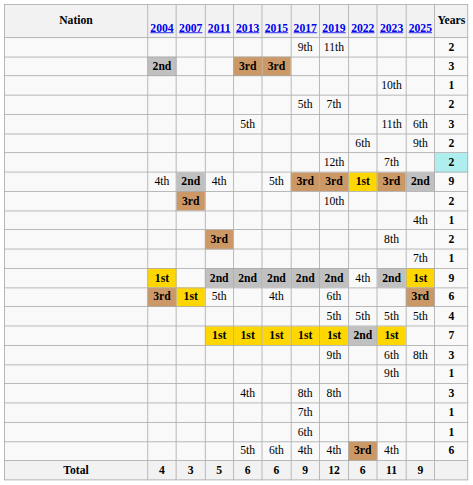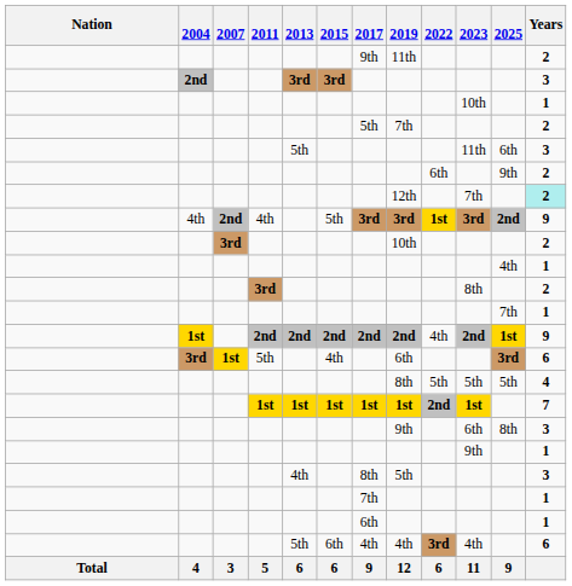 <table class="wikitable" style="text-align:center; font-size:90%">
 <tr>
 <th width=170>Nation</th>
 <th><br><a href='#'>2004</a></th>
 <th><br><a href='#'>2007</a></th>
 <th><br><a href='#'>2011</a></th>
 <th><br><a href='#'>2013</a></th>
 <th><br><a href='#'>2015</a></th>
 <th><br><a href='#'>2017</a></th>
 <th><br><a href='#'>2019</a></th>
 <th><br><a href='#'>2022</a></th>
 <th><br><a href='#'>2023</a></th>
 <th><br><a href='#'>2025</a></th>
 <th>Years</th>
 </tr>
 <tr>
 <td align=left></td>
 <td></td>
 <td></td>
 <td></td>
 <td></td>
 <td></td>
 <td>9th</td>
 <td>11th</td>
 <td></td>
 <td></td>
 <td></td>
 <td><strong>2</strong></td>
 </tr>
 <tr>
 <td align=left></td>
 <td bgcolor=silver><strong>2nd</strong></td>
 <td></td>
 <td></td>
 <td bgcolor=#cc9966><strong>3rd</strong></td>
 <td bgcolor=#cc9966><strong>3rd</strong></td>
 <td></td>
 <td></td>
 <td></td>
 <td></td>
 <td></td>
 <td><strong>3</strong></td>
 </tr>
 <tr>
 <td align=left></td>
 <td></td>
 <td></td>
 <td></td>
 <td></td>
 <td></td>
 <td></td>
 <td></td>
 <td></td>
 <td>10th</td>
 <td></td>
 <td><strong>1</strong></td>
 </tr>
 <tr>
 <td align=left></td>
 <td></td>
 <td></td>
 <td></td>
 <td></td>
 <td></td>
 <td>5th</td>
 <td>7th</td>
 <td></td>
 <td></td>
 <td></td>
 <td><strong>2</strong></td>
 </tr>
 <tr>
 <td align=left></td>
 <td></td>
 <td></td>
 <td></td>
 <td>5th</td>
 <td></td>
 <td></td>
 <td></td>
 <td></td>
 <td>11th</td>
 <td>6th</td>
 <td><strong>3</strong></td>
 </tr>
 <tr>
 <td align=left></td>
 <td></td>
 <td></td>
 <td></td>
 <td></td>
 <td></td>
 <td></td>
 <td></td>
 <td>6th</td>
 <td></td>
 <td>9th</td>
 <td><strong>2</strong></td>
 </tr>
 <tr>
 <td align=left></td>
 <td></td>
 <td></td>
 <td></td>
 <td></td>
 <td></td>
 <td></td>
 <td>12th</td>
 <td></td>
 <td>7th</td>
 <td></td>
 <td style="background: paleturquoise;"><strong>2</strong></td>
 </tr>
 <tr>
 <td align=left></td>
 <td>4th</td>
 <td bgcolor=silver><strong>2nd</strong></td>
 <td>4th</td>
 <td></td>
 <td>5th</td>
 <td bgcolor=#cc9966><strong>3rd</strong></td>
 <td bgcolor=#cc9966><strong>3rd</strong></td>
 <td bgcolor=gold><strong>1st</strong></td>
 <td bgcolor=#cc9966><strong>3rd</strong></td>
 <td bgcolor=silver><strong>2nd</strong></td>
 <td><strong>9</strong></td>
 </tr>
 <tr>
 <td align=left></td>
 <td></td>
 <td bgcolor=#cc9966><strong>3rd</strong></td>
 <td></td>
 <td></td>
 <td></td>
 <td></td>
 <td>10th</td>
 <td></td>
 <td></td>
 <td></td>
 <td><strong>2</strong></td>
 </tr>
 <tr>
 <td align=left></td>
 <td></td>
 <td></td>
 <td></td>
 <td></td>
 <td></td>
 <td></td>
 <td></td>
 <td></td>
 <td></td>
 <td>4th</td>
 <td><strong>1</strong></td>
 </tr>
 <tr>
 <td align=left></td>
 <td></td>
 <td></td>
 <td bgcolor=#cc9966><strong>3rd</strong></td>
 <td></td>
 <td></td>
 <td></td>
 <td></td>
 <td></td>
 <td>8th</td>
 <td></td>
 <td><strong>2</strong></td>
 </tr>
 <tr>
 <td align=left></td>
 <td></td>
 <td></td>
 <td></td>
 <td></td>
 <td></td>
 <td></td>
 <td></td>
 <td></td>
 <td></td>
 <td>7th</td>
 <td><strong>1</strong></td>
 </tr>
 <tr>
 <td align=left></td>
 <td bgcolor=gold><strong>1st</strong></td>
 <td></td>
 <td bgcolor=silver><strong>2nd</strong></td>
 <td bgcolor=silver><strong>2nd</strong></td>
 <td bgcolor=silver><strong>2nd</strong></td>
 <td bgcolor=silver><strong>2nd</strong></td>
 <td bgcolor=silver><strong>2nd</strong></td>
 <td>4th</td>
 <td bgcolor=silver><strong>2nd</strong></td>
 <td bgcolor=gold><strong>1st</strong></td>
 <td><strong>9</strong></td>
 </tr>
 <tr>
 <td align=left></td>
 <td bgcolor=#cc9966><strong>3rd</strong></td>
 <td bgcolor=gold><strong>1st</strong></td>
 <td>5th</td>
 <td></td>
 <td>4th</td>
 <td></td>
 <td>6th</td>
 <td></td>
 <td></td>
 <td bgcolor=#cc9966><strong>3rd</strong></td>
 <td><strong>6</strong></td>
 </tr>
 <tr>
 <td align=left></td>
 <td></td>
 <td></td>
 <td></td>
 <td></td>
 <td></td>
 <td></td>
-<td>5th</td>
+<td>8th</td>
 <td>5th</td>
 <td>5th</td>
 <td>5th</td>
 <td><strong>4</strong></td>
 </tr>
 <tr>
 <td align=left></td>
 <td></td>
 <td></td>
 <td bgcolor=gold><strong>1st</strong></td>
 <td bgcolor=gold><strong>1st</strong></td>
 <td bgcolor=gold><strong>1st</strong></td>
 <td bgcolor=gold><strong>1st</strong></td>
 <td bgcolor=gold><strong>1st</strong></td>
 <td bgcolor=silver><strong>2nd</strong></td>
 <td bgcolor=gold><strong>1st</strong></td>
 <td></td>
 <td><strong>7</strong></td>
 </tr>
 <tr>
 <td align=left></td>
 <td></td>
 <td></td>
 <td></td>
 <td></td>
 <td></td>
 <td></td>
 <td>9th</td>
 <td></td>
 <td>6th</td>
 <td>8th</td>
 <td><strong>3</strong></td>
 </tr>
 <tr>
 <td align=left></td>
 <td></td>
 <td></td>
 <td></td>
 <td></td>
 <td></td>
 <td></td>
 <td></td>
 <td></td>
 <td>9th</td>
 <td></td>
 <td><strong>1</strong></td>
 </tr>
 <tr>
 <td align=left></td>
 <td></td>
 <td></td>
 <td></td>
 <td>4th</td>
 <td></td>
 <td>8th</td>
-<td>8th</td>
+<td>5th</td>
 <td></td>
 <td></td>
 <td></td>
 <td><strong>3</strong></td>
 </tr>
 <tr>
 <td align=left></td>
 <td></td>
 <td></td>
 <td></td>
 <td></td>
 <td></td>
 <td>7th</td>
 <td></td>
 <td></td>
 <td></td>
 <td></td>
 <td><strong>1</strong></td>
 </tr>
 <tr>
 <td align=left></td>
 <td></td>
 <td></td>
 <td></td>
 <td></td>
 <td></td>
 <td>6th</td>
 <td></td>
 <td></td>
 <td></td>
 <td></td>
 <td><strong>1</strong></td>
 </tr>
 <tr>
 <td align=left></td>
 <td></td>
 <td></td>
 <td></td>
 <td>5th</td>
 <td>6th</td>
 <td>4th</td>
 <td>4th</td>
 <td bgcolor=#cc9966><strong>3rd</strong></td>
 <td>4th</td>
 <td></td>
 <td><strong>6</strong></td>
 </tr>
 <tr>
 <th>Total</th>
 <th>4</th>
 <th>3</th>
 <th>5</th>
 <th>6</th>
 <th>6</th>
 <th>9</th>
 <th>12</th>
 <th>6</th>
 <th>11</th>
 <th>9</th>
 <th></th>
 </tr>
 </table>
